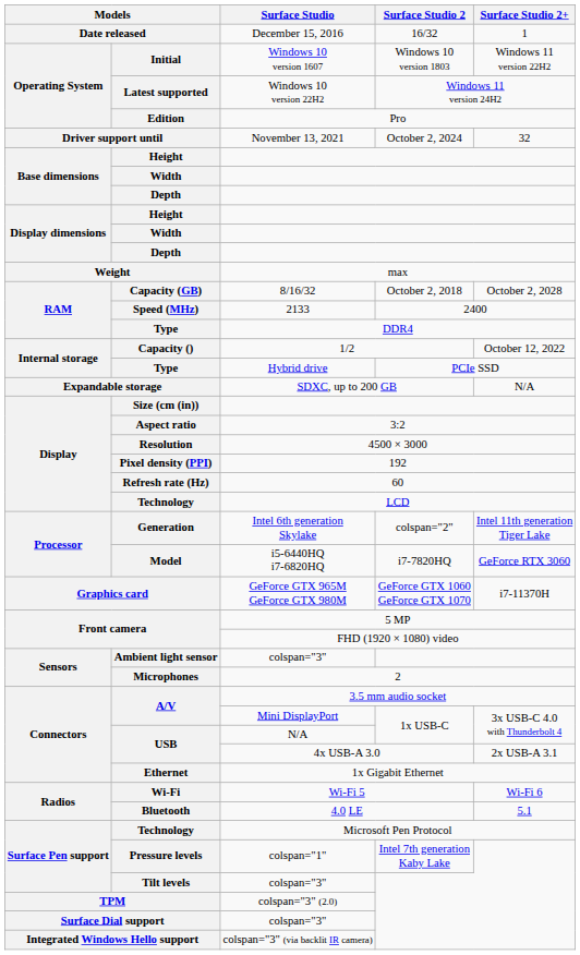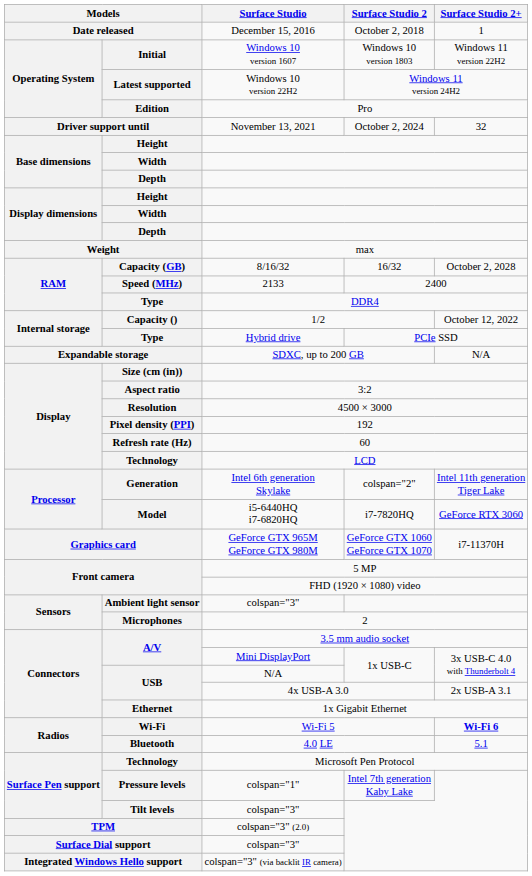 <table class="wikitable mw-collapsible" style="text-align: center; font-size:90%; min-width:20em;">
 <tr>
 <th colspan="2">Models</th>
 <th><a href='#'>Surface Studio</a></th>
 <th><a href='#'>Surface Studio 2</a></th>
 <th><a href='#'>Surface Studio 2+</a></th>
 </tr>
 <tr>
 <th colspan="2">Date released</th>
 <td>December 15, 2016</td>
-<td>16/32</td>
+<td>October 2, 2018</td>
 <td>1</td>
 </tr>
 <tr>
 <th rowspan="3">Operating System</th>
 <th>Initial</th>
 <td><a href='#'>Windows 10</a><br><small>version 1607</small></td>
 <td>Windows 10<br><small>version 1803</small></td>
 <td>Windows 11<br><small>version 22H2</small></td>
 </tr>
 <tr>
 <th>Latest supported</th>
 <td colspan="1">Windows 10 <br> <small>version 22H2</small></td>
 <td colspan="2"><a href='#'>Windows 11</a> <br> <small>version 24H2</small></td>
 </tr>
 <tr>
 <th>Edition</th>
 <td colspan="3">Pro</td>
 </tr>
 <tr>
 <th colspan="2">Driver support until</th>
 <td>November 13, 2021</td>
 <td>October 2, 2024</td>
 <td>32</td>
 </tr>
 <tr>
 <th rowspan=3>Base dimensions <br> </th>
 <th>Height</th>
 <td colspan="3"></td>
 </tr>
 <tr>
 <th>Width</th>
 <td colspan="3"></td>
 </tr>
 <tr>
 <th>Depth</th>
 <td colspan="3"></td>
 </tr>
 <tr>
 <th rowspan="3">Display dimensions <br> </th>
 <th>Height</th>
 <td colspan="3"></td>
 </tr>
 <tr>
 <th>Width</th>
 <td colspan="3"></td>
 </tr>
 <tr>
 <th>Depth</th>
 <td colspan="3"></td>
 </tr>
 <tr>
 <th colspan="2">Weight <br> </th>
 <td colspan="3"> max</td>
 </tr>
 <tr>
 <th rowspan=3><a href='#'>RAM</a></th>
 <th>Capacity (<a href='#'>GB</a>)</th>
 <td>8/16/32</td>
-<td>October 2, 2018</td>
+<td>16/32</td>
 <td>October 2, 2028</td>
 </tr>
 <tr>
 <th>Speed (<a href='#'>MHz</a>)</th>
 <td>2133</td>
 <td colspan="2">2400</td>
 </tr>
 <tr>
 <th>Type</th>
 <td colspan="3"><a href='#'>DDR4</a></td>
 </tr>
 <tr>
 <th rowspan=2>Internal storage</th>
 <th>Capacity ()</th>
 <td colspan="2">1/2</td>
 <td>October 12, 2022</td>
 </tr>
 <tr>
 <th>Type</th>
 <td><a href='#'>Hybrid drive</a></td>
 <td colspan="2"><a href='#'>PCIe</a> SSD</td>
 </tr>
 <tr>
 <th colspan="2">Expandable storage</th>
 <td colspan="2"><a href='#'>SDXC</a>, up to 200 <a href='#'>GB</a></td>
 <td>N/A</td>
 </tr>
 <tr>
 <th rowspan="6">Display</th>
 <th>Size (cm (in))</th>
 <td colspan="3"></td>
 </tr>
 <tr>
 <th>Aspect ratio</th>
 <td colspan="3">3:2</td>
 </tr>
 <tr>
 <th>Resolution</th>
 <td colspan="3">4500 × 3000</td>
 </tr>
 <tr>
 <th>Pixel density (<a href='#'>PPI</a>)</th>
 <td colspan="3">192</td>
 </tr>
 <tr>
 <th>Refresh rate (Hz)</th>
 <td colspan="3">60</td>
 </tr>
 <tr>
 <th>Technology</th>
 <td colspan="3"><a href='#'>LCD</a></td>
 </tr>
 <tr>
 <th rowspan="2"><a href='#'>Processor</a></th>
 <th>Generation</th>
 <td><a href='#'>Intel 6th generation <br> Skylake</a></td>
 <td>colspan="2" </td>
 <td><a href='#'>Intel 11th generation <br> Tiger Lake</a></td>
 </tr>
 <tr>
 <th>Model</th>
 <td>i5-6440HQ<br>i7-6820HQ</td>
 <td>i7-7820HQ</td>
 <td><a href='#'>GeForce RTX 3060</a></td>
 </tr>
 <tr>
 <th colspan="2"><a href='#'>Graphics card</a></th>
 <td><a href='#'>GeForce GTX 965M</a><br><a href='#'>GeForce GTX 980M</a></td>
 <td><a href='#'>GeForce GTX 1060</a><br><a href='#'>GeForce GTX 1070</a></td>
 <td>i7-11370H</td>
 </tr>
 <tr>
 <th rowspan="2" colspan="2">Front camera</th>
 <td colspan="3">5 MP</td>
 </tr>
 <tr>
 <td colspan="3">FHD (1920 × 1080) video</td>
 </tr>
 <tr>
 <th rowspan="2">Sensors</th>
 <th>Ambient light sensor</th>
 <td>colspan="3" </td>
 </tr>
 <tr>
 <th>Microphones</th>
 <td colspan="3">2</td>
 </tr>
 <tr>
 <th rowspan="5">Connectors</th>
 <th rowspan="2"><a href='#'>A/V</a></th>
 <td colspan="3"><a href='#'>3.5 mm audio socket</a></td>
 </tr>
 <tr>
 <td colspan="1"><a href='#'>Mini DisplayPort</a></td>
 <td colspan="1", rowspan="2">1x USB-C</td>
 <td colspan="1" , rowspan="2">3x USB-C 4.0<br><small>with <a href='#'>Thunderbolt 4</a></small></td>
 </tr>
 <tr>
 <th rowspan="2">USB</th>
 <td colspan="1">N/A</td>
 </tr>
 <tr>
 <td colspan="2">4x USB-A 3.0</td>
 <td>2x USB-A 3.1</td>
 </tr>
 <tr>
 <th>Ethernet</th>
 <td colspan="3">1x Gigabit Ethernet</td>
 </tr>
 <tr>
 <th rowspan="2">Radios</th>
 <th>Wi-Fi</th>
 <td colspan="2"><a href='#'>Wi-Fi 5</a></td>
-<td><a href='#'>Wi-Fi 6</a></td>
+<td><strong><a href='#'>Wi-Fi 6</a></strong></td>
 </tr>
 <tr>
 <th>Bluetooth</th>
 <td colspan="2"><a href='#'>4.0</a> <a href='#'>LE</a></td>
 <td><a href='#'>5.1</a></td>
 </tr>
 <tr>
 <th rowspan="3"><a href='#'>Surface Pen</a> support</th>
 <th>Technology</th>
 <td colspan="3">Microsoft Pen Protocol</td>
 </tr>
 <tr>
 <th>Pressure levels</th>
 <td>colspan="1" </td>
 <td><a href='#'>Intel 7th generation <br> Kaby Lake</a></td>
 </tr>
 <tr>
 <th>Tilt levels</th>
 <td>colspan="3" </td>
 </tr>
 <tr>
 <th colspan="2"><a href='#'>TPM</a></th>
 <td>colspan="3"  <small>(2.0)</small></td>
 </tr>
 <tr>
 <th colspan="2"><a href='#'>Surface Dial</a> support</th>
 <td>colspan="3" </td>
 </tr>
 <tr>
 <th colspan="2">Integrated <a href='#'>Windows Hello</a> support</th>
 <td>colspan="3"  <small>(via backlit <a href='#'>IR</a> camera)</small></td>
 </tr>
 </table>
